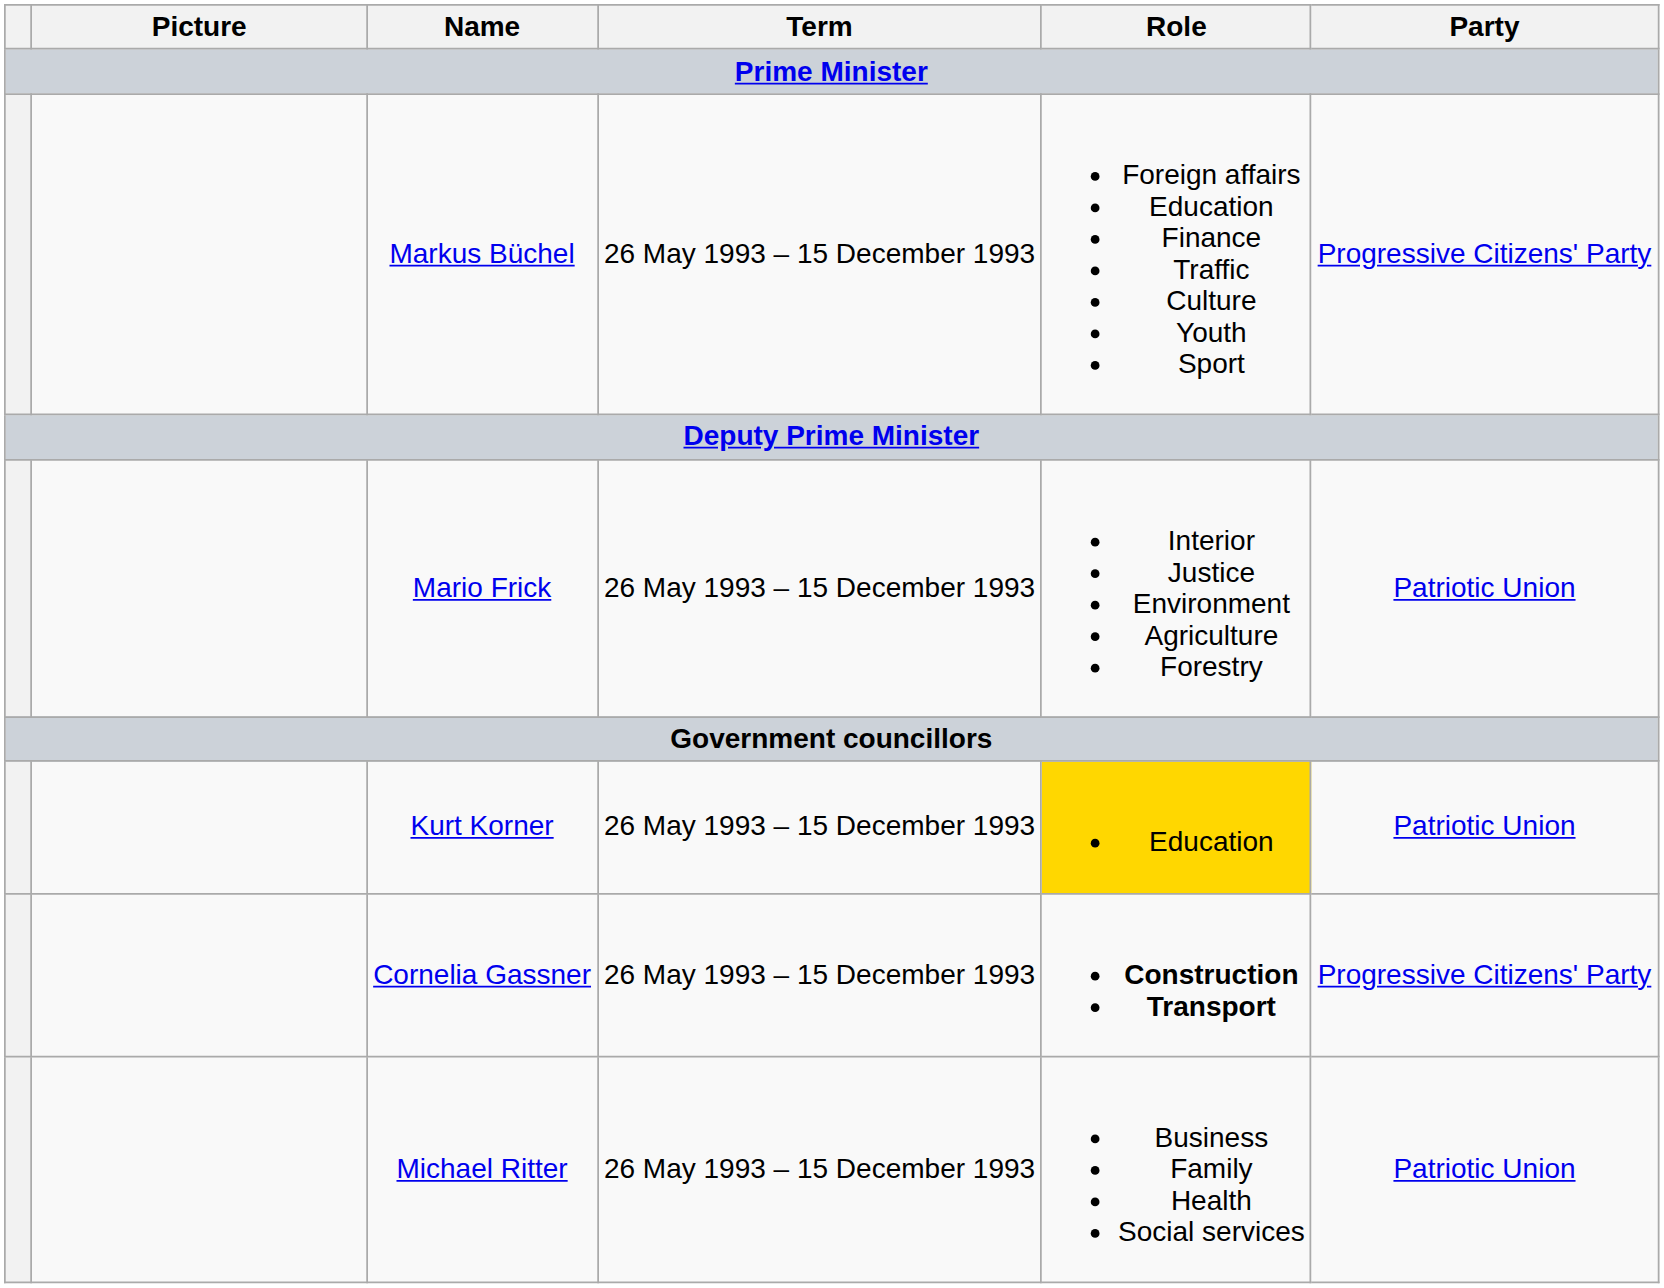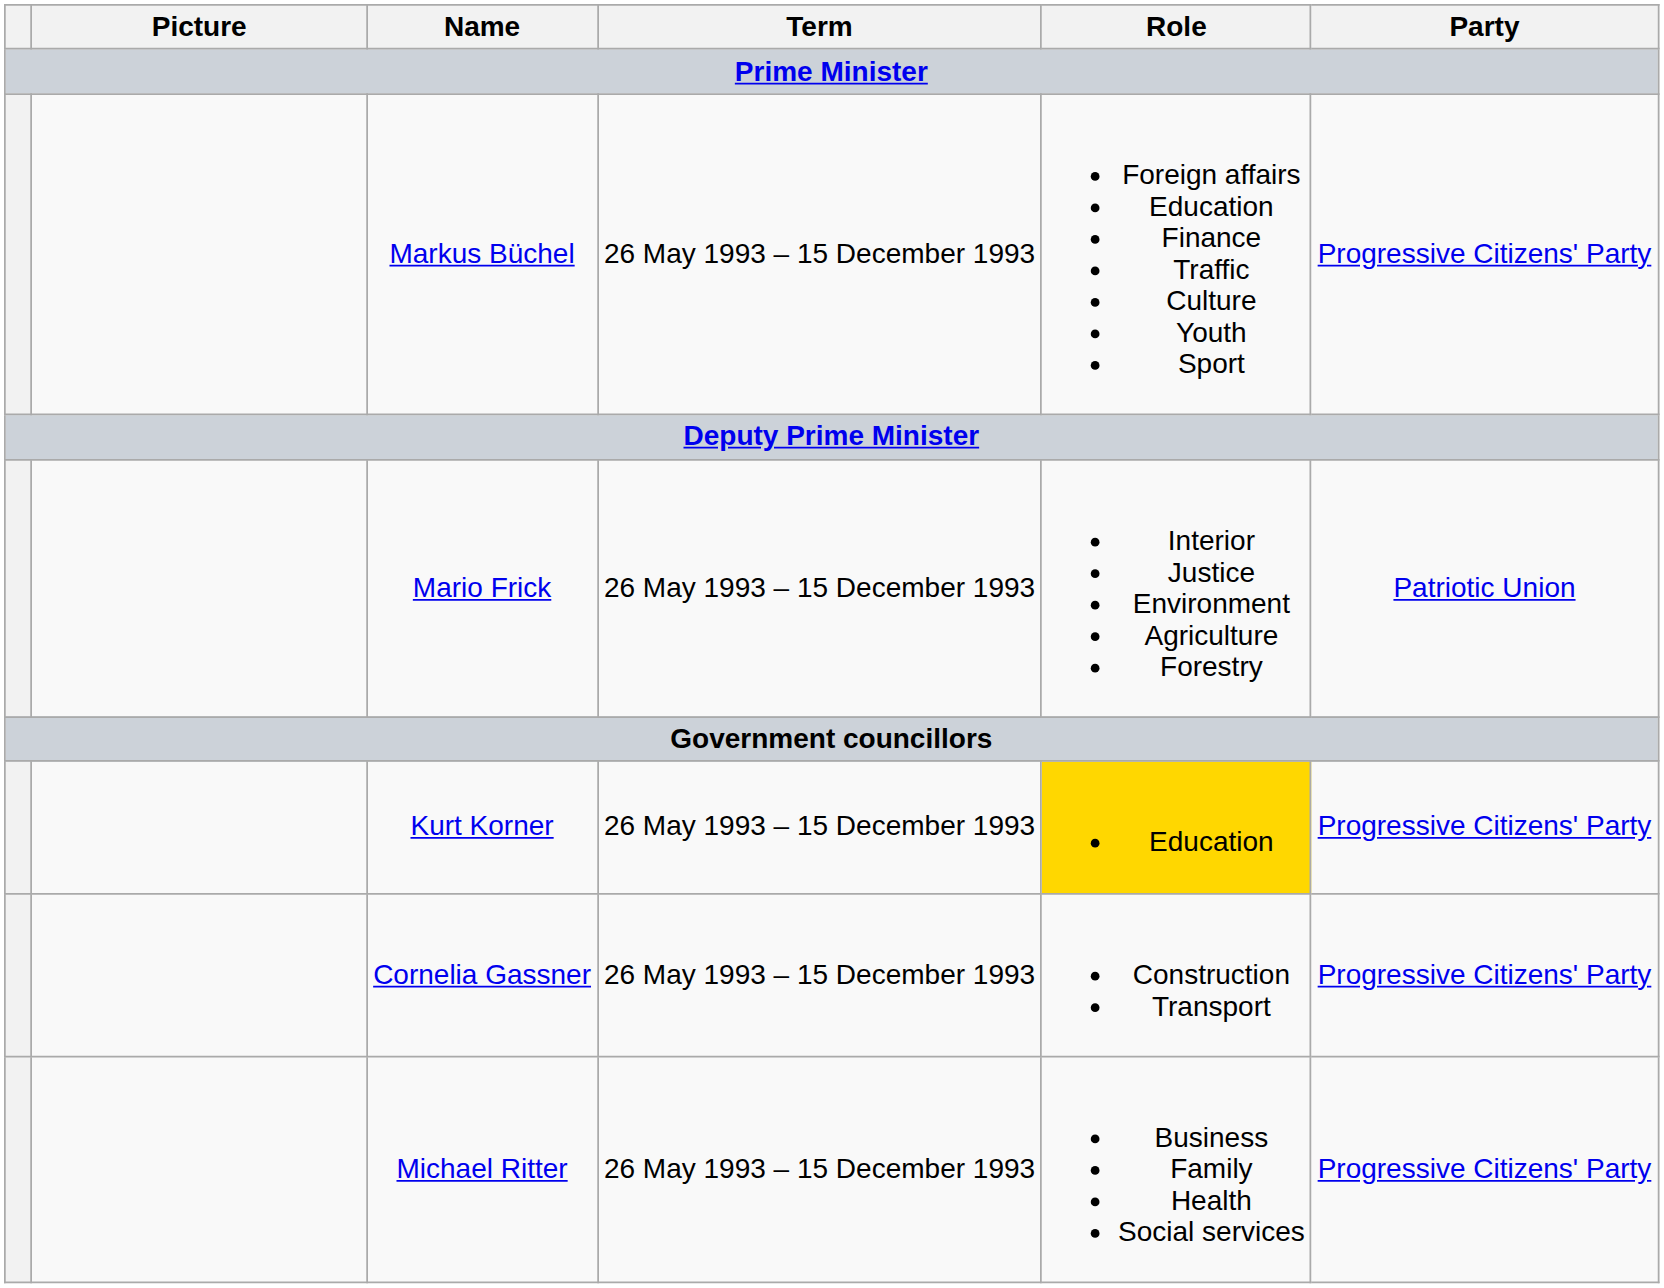 <table class="wikitable" style="text-align:center">
 <tr>
 <th style="width: 0.5em"></th>
 <th style="width: 11.5em">Picture</th>
 <th>Name</th>
 <th>Term</th>
 <th>Role</th>
 <th>Party</th>
 </tr>
 <tr>
 <th colspan="7" style="background:#CCD2D9"><a href='#'>Prime Minister</a></th>
 </tr>
 <tr>
 <th style="background:"></th>
 <td></td>
 <td><a href='#'>Markus Büchel</a></td>
 <td style="text-align:left">26 May 1993 – 15 December 1993</td>
 <td><br><ul><li>Foreign affairs</li><li>Education</li><li>Finance</li><li>Traffic</li><li>Culture</li><li>Youth</li><li>Sport</li></ul></td>
 <td><a href='#'>Progressive Citizens' Party</a></td>
 </tr>
 <tr>
 <th colspan="7" style="background:#CCD2D9"><a href='#'>Deputy Prime Minister</a></th>
 </tr>
 <tr>
 <th style="background:"></th>
 <td></td>
 <td><a href='#'>Mario Frick</a></td>
 <td style="text-align:left">26 May 1993 – 15 December 1993</td>
 <td><br><ul><li>Interior</li><li>Justice</li><li>Environment</li><li>Agriculture</li><li>Forestry</li></ul></td>
 <td><a href='#'>Patriotic Union</a></td>
 </tr>
 <tr>
 <th colspan="7" style="background:#CCD2D9">Government councillors</th>
 </tr>
 <tr>
 <th style="background:"></th>
 <td></td>
 <td><a href='#'>Kurt Korner</a></td>
 <td style="text-align:left">26 May 1993 – 15 December 1993</td>
 <td style="background: gold;"><br><ul><li>Education</li></ul></td>
-<td><a href='#'>Patriotic Union</a></td>
+<td><a href='#'>Progressive Citizens' Party</a></td>
 </tr>
 <tr>
 <th style="background:"></th>
 <td></td>
 <td><a href='#'>Cornelia Gassner</a></td>
 <td>26 May 1993 – 15 December 1993</td>
-<td><strong><br><ul><li>Construction</li><li>Transport</li></ul></strong></td>
+<td><br><ul><li>Construction</li><li>Transport</li></ul></td>
 <td><a href='#'>Progressive Citizens' Party</a></td>
 </tr>
 <tr>
 <th style="background:"></th>
 <td></td>
 <td><a href='#'>Michael Ritter</a></td>
 <td>26 May 1993 – 15 December 1993</td>
 <td><br><ul><li>Business</li><li>Family</li><li>Health</li><li>Social services</li></ul></td>
-<td><a href='#'>Patriotic Union</a></td>
+<td><a href='#'>Progressive Citizens' Party</a></td>
 </tr>
 </table>
